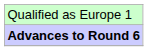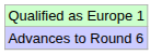 <table class="wikitable">
 <tr width=10px bgcolor="#ccffcc">
 <td>Qualified as Europe 1</td>
 </tr>
 <tr width=10px bgcolor="#ccccff">
-<td><strong>Advances to Round 6</strong></td>
+<td>Advances to Round 6</td>
 </tr>
 <tr>
 </tr>
 </table>
